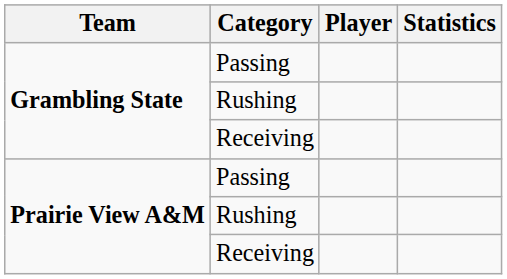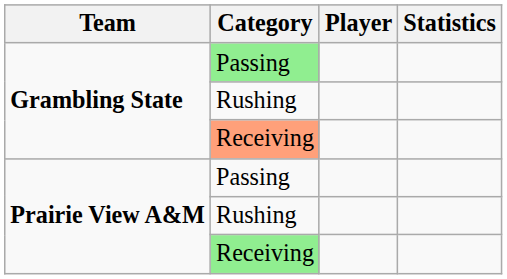 <table class="wikitable" style="float: left;">
 <tr>
 <th>Team</th>
 <th>Category</th>
 <th>Player</th>
 <th>Statistics</th>
 </tr>
 <tr>
 <td rowspan=3><strong>Grambling State</strong></td>
-<td>Passing</td>
+<td style="background: lightgreen;">Passing</td>
 <td> </td>
 <td> </td>
 </tr>
 <tr>
 <td>Rushing</td>
 <td> </td>
 <td> </td>
 </tr>
 <tr>
-<td>Receiving</td>
+<td style="background: lightsalmon;">Receiving</td>
 <td> </td>
 <td> </td>
 </tr>
 <tr>
 <td rowspan=3><strong>Prairie View A&M</strong></td>
 <td>Passing</td>
 <td> </td>
 <td> </td>
 </tr>
 <tr>
 <td>Rushing</td>
 <td> </td>
 <td> </td>
 </tr>
 <tr>
-<td>Receiving</td>
+<td style="background: lightgreen;">Receiving</td>
 <td> </td>
 <td> </td>
 </tr>
 </table>
